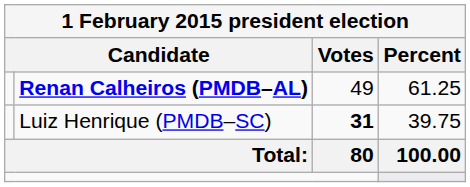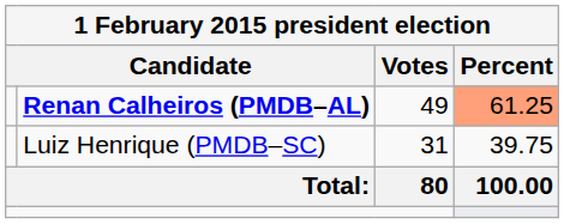 <table class="wikitable">
 <tr>
 <th colspan=5 style="background:#F5F5F5">1 February 2015 president election</th>
 </tr>
 <tr>
 <th colspan=2>Candidate</th>
 <th>Votes</th>
 <th>Percent</th>
 </tr>
 <tr>
 <td style="background-color:"></td>
 <td><strong><a href='#'>Renan Calheiros</a> (<a href='#'>PMDB</a>–<a href='#'>AL</a>)</strong> </td>
 <td style="text-align:right">49</td>
-<td style="text-align:right">61.25</td>
+<td style="background: lightsalmon; text-align:right">61.25</td>
 </tr>
 <tr>
 <td style="background-color:"></td>
 <td>Luiz Henrique (<a href='#'>PMDB</a>–<a href='#'>SC</a>)</td>
-<td style="text-align:right"><strong>31</strong></td>
+<td style="text-align:right">31</td>
 <td style="text-align:right">39.75</td>
 </tr>
 <tr>
 <th colspan=2 style="text-align:right">Total:</th>
 <th style="text-align:right">80</th>
 <th style="text-align:right">100.00</th>
 </tr>
 <tr>
 <td colspan=3></td>
 <td style="background:#EBECF0" rowspan=2></td>
 </tr>
 </table>
